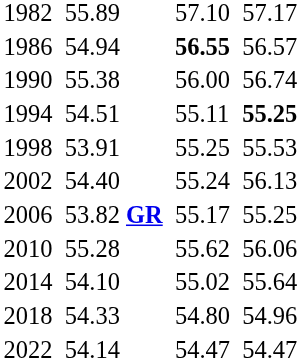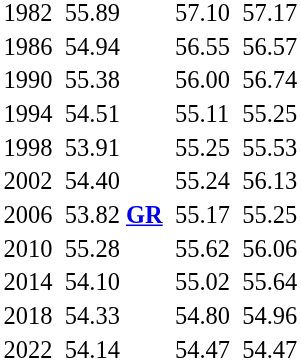 <table>
 <tr>
 <td>1982</td>
 <td></td>
 <td>55.89</td>
 <td></td>
 <td>57.10</td>
 <td></td>
 <td>57.17</td>
 </tr>
 <tr>
 <td>1986</td>
 <td></td>
 <td>54.94</td>
 <td></td>
-<td><strong>56.55</strong></td>
+<td>56.55</td>
 <td></td>
 <td>56.57</td>
 </tr>
 <tr>
 <td>1990</td>
 <td></td>
 <td>55.38</td>
 <td></td>
 <td>56.00</td>
 <td></td>
 <td>56.74</td>
 </tr>
 <tr>
 <td>1994</td>
 <td></td>
 <td>54.51</td>
 <td></td>
 <td>55.11</td>
 <td></td>
-<td><strong>55.25</strong></td>
+<td>55.25</td>
 </tr>
 <tr>
 <td>1998</td>
 <td></td>
 <td>53.91</td>
 <td></td>
 <td>55.25</td>
 <td></td>
 <td>55.53</td>
 </tr>
 <tr>
 <td>2002<br></td>
 <td></td>
 <td>54.40</td>
 <td></td>
 <td>55.24</td>
 <td></td>
 <td>56.13</td>
 </tr>
 <tr>
 <td>2006<br></td>
 <td></td>
 <td>53.82 <strong><a href='#'>GR</a></strong></td>
 <td></td>
 <td>55.17</td>
 <td></td>
 <td>55.25</td>
 </tr>
 <tr>
 <td>2010<br></td>
 <td></td>
 <td>55.28</td>
 <td></td>
 <td>55.62</td>
 <td></td>
 <td>56.06</td>
 </tr>
 <tr>
 <td>2014<br></td>
 <td></td>
 <td>54.10</td>
 <td></td>
 <td>55.02</td>
 <td></td>
 <td>55.64</td>
 </tr>
 <tr>
 <td>2018<br></td>
 <td></td>
 <td>54.33</td>
 <td></td>
 <td>54.80</td>
 <td></td>
 <td>54.96</td>
 </tr>
 <tr>
 <td>2022<br></td>
 <td></td>
 <td>54.14</td>
 <td></td>
 <td>54.47</td>
 <td></td>
 <td>54.47</td>
 </tr>
 </table>
